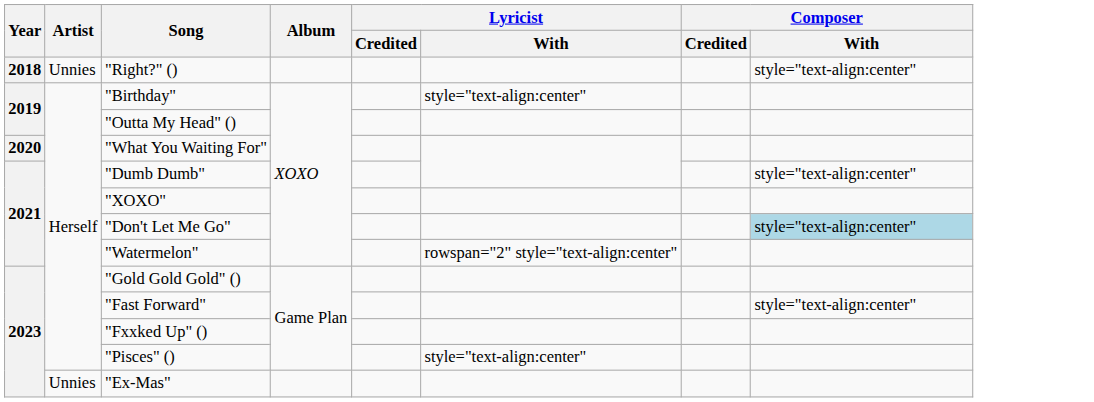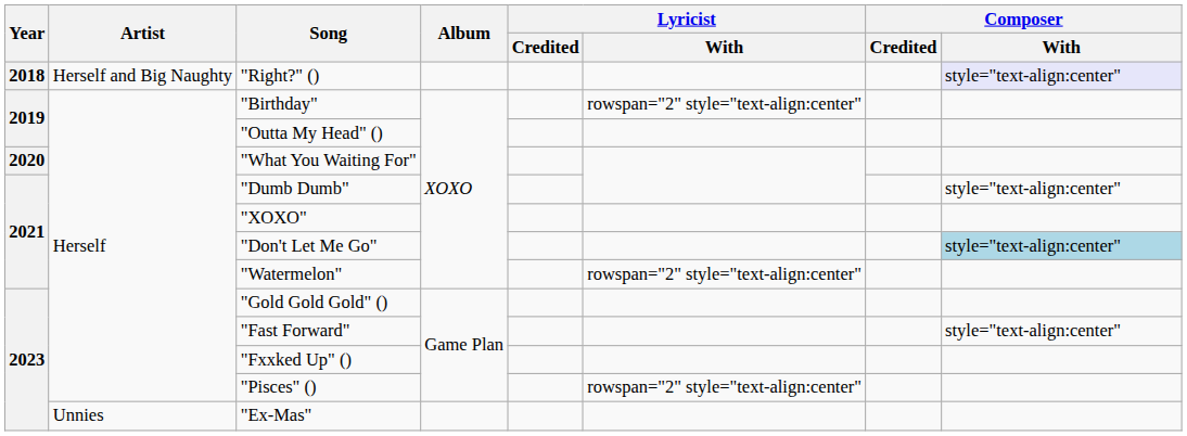 <table class="wikitable plainrowheaders sortable">
 <tr>
 <th rowspan="2">Year</th>
 <th rowspan="2">Artist</th>
 <th rowspan="2">Song</th>
 <th rowspan="2">Album</th>
 <th colspan="2"><a href='#'>Lyricist</a></th>
 <th colspan="2"><a href='#'>Composer</a></th>
 </tr>
 <tr>
 <th>Credited</th>
 <th>With</th>
 <th>Credited</th>
 <th style="width:13em">With</th>
 </tr>
 <tr>
 <th scope="row">2018</th>
-<td>Unnies</td>
+<td>Herself and Big Naughty</td>
 <td>"Right?" ()</td>
 <td></td>
 <td></td>
 <td style="text-align:center"></td>
 <td></td>
-<td>style="text-align:center" </td>
+<td style="background: lavender;">style="text-align:center" </td>
 </tr>
 <tr>
 <th scope="row" rowspan="2">2019</th>
 <td rowspan="11">Herself</td>
 <td>"Birthday"</td>
 <td rowspan="7"><em>XOXO</em></td>
 <td></td>
-<td>style="text-align:center" </td>
+<td>rowspan="2" style="text-align:center" </td>
 <td></td>
 <td style="text-align:center"></td>
 </tr>
 <tr>
 <td>"Outta My Head" ()</td>
 <td></td>
 <td></td>
 <td style="text-align:center"></td>
 </tr>
 <tr>
 <th scope="row">2020</th>
 <td>"What You Waiting For"</td>
 <td></td>
 <td rowspan="2" style="text-align:center"></td>
 <td></td>
 <td style="text-align:center"></td>
 </tr>
 <tr>
 <th scope="row" rowspan="4">2021</th>
 <td>"Dumb Dumb"</td>
 <td></td>
 <td></td>
 <td>style="text-align:center" </td>
 </tr>
 <tr>
 <td>"XOXO"</td>
 <td></td>
 <td style="text-align:center"></td>
 <td></td>
 <td style="text-align:center"></td>
 </tr>
 <tr>
 <td>"Don't Let Me Go"</td>
 <td></td>
 <td style="text-align:center"></td>
 <td></td>
 <td style="background: lightblue;">style="text-align:center" </td>
 </tr>
 <tr>
 <td>"Watermelon"</td>
 <td></td>
 <td>rowspan="2" style="text-align:center" </td>
 <td></td>
 <td style="text-align:center"></td>
 </tr>
 <tr>
 <th scope="row" rowspan="5">2023</th>
 <td>"Gold Gold Gold" ()</td>
 <td rowspan="4">Game Plan</td>
 <td></td>
 <td style="text-align:center"></td>
 <td></td>
 <td style="text-align:center"></td>
 </tr>
 <tr>
 <td>"Fast Forward"</td>
 <td></td>
 <td style="text-align:center"></td>
 <td></td>
 <td>style="text-align:center" </td>
 </tr>
 <tr>
 <td>"Fxxked Up" ()</td>
 <td></td>
 <td style="text-align:center"></td>
 <td></td>
 <td style="text-align:center"></td>
 </tr>
 <tr>
 <td>"Pisces" ()</td>
 <td></td>
-<td>style="text-align:center" </td>
+<td>rowspan="2" style="text-align:center" </td>
 <td></td>
 <td style="text-align:center"></td>
 </tr>
 <tr>
 <td>Unnies</td>
 <td>"Ex-Mas"</td>
 <td></td>
 <td></td>
 <td style="text-align:center"></td>
 <td></td>
 <td style="text-align:center"></td>
 </tr>
 </table>
